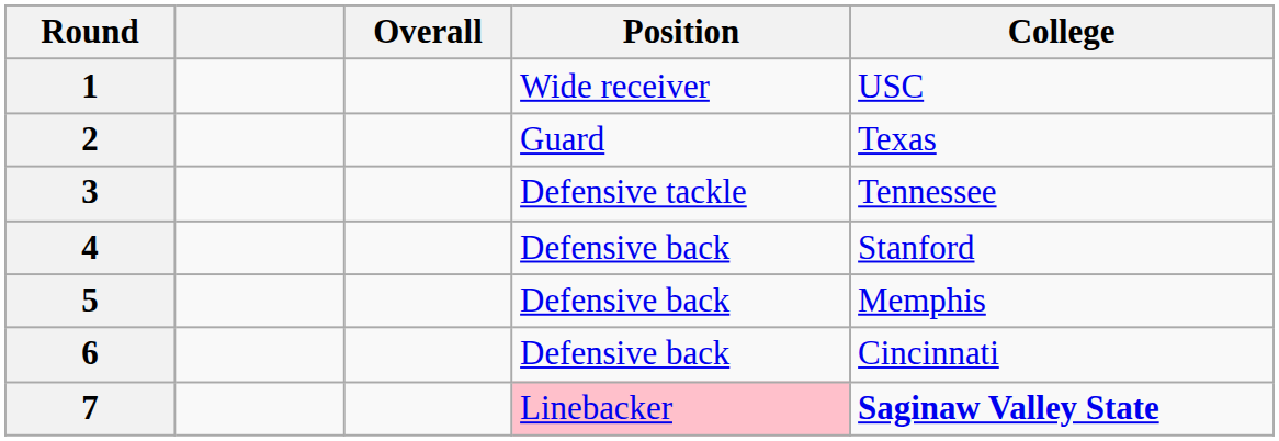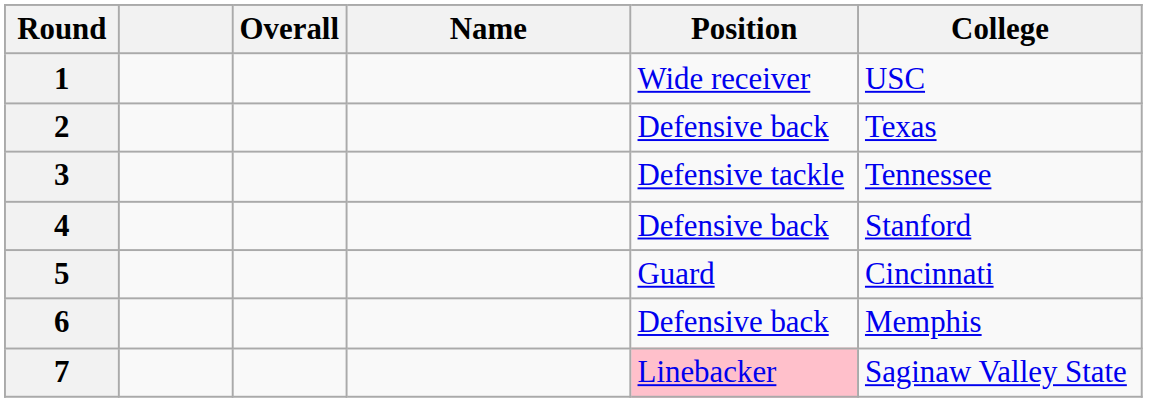 <table class="wikitable sortable">
 <tr>
 <th scope="col" style="width: 10%;">Round</th>
 <th scope="col" style="width: 10%;"></th>
 <th scope="col" style="width: 10%;">Overall</th>
+<th scope="col" style="width: 25%;">Name</th>
 <th scope="col" style="width: 20%;">Position</th>
 <th scope="col" style="width: 25%;">College</th>
 </tr>
 <tr>
 <th scope="row">1</th>
+<td></td>
 <td></td>
 <td></td>
 <td><a href='#'>Wide receiver</a></td>
 <td><a href='#'>USC</a></td>
 </tr>
 <tr>
 <th scope="row">2</th>
 <td></td>
 <td></td>
-<td><a href='#'>Guard</a></td>
+<td></td>
+<td><a href='#'>Defensive back</a></td>
 <td><a href='#'>Texas</a></td>
 </tr>
 <tr>
 <th scope="row">3</th>
+<td></td>
 <td></td>
 <td></td>
 <td><a href='#'>Defensive tackle</a></td>
 <td><a href='#'>Tennessee</a></td>
 </tr>
 <tr>
 <th scope="row">4</th>
 <td></td>
 <td></td>
+<td></td>
 <td><a href='#'>Defensive back</a></td>
 <td><a href='#'>Stanford</a></td>
 </tr>
 <tr>
 <th scope="row">5</th>
 <td></td>
 <td></td>
-<td><a href='#'>Defensive back</a></td>
-<td><a href='#'>Memphis</a></td>
+<td></td>
+<td><a href='#'>Guard</a></td>
+<td><a href='#'>Cincinnati</a></td>
 </tr>
 <tr>
 <th scope="row">6</th>
 <td></td>
 <td></td>
+<td></td>
 <td><a href='#'>Defensive back</a></td>
-<td><a href='#'>Cincinnati</a></td>
+<td><a href='#'>Memphis</a></td>
 </tr>
 <tr>
 <th scope="row">7</th>
 <td></td>
 <td></td>
+<td></td>
 <td style="background: pink;"><a href='#'>Linebacker</a></td>
-<td><strong><a href='#'>Saginaw Valley State</a></strong></td>
+<td><a href='#'>Saginaw Valley State</a></td>
 </tr>
 </table>
